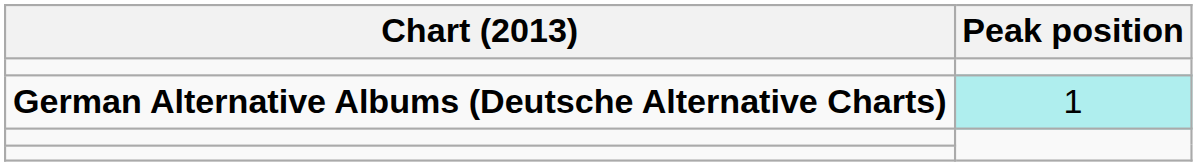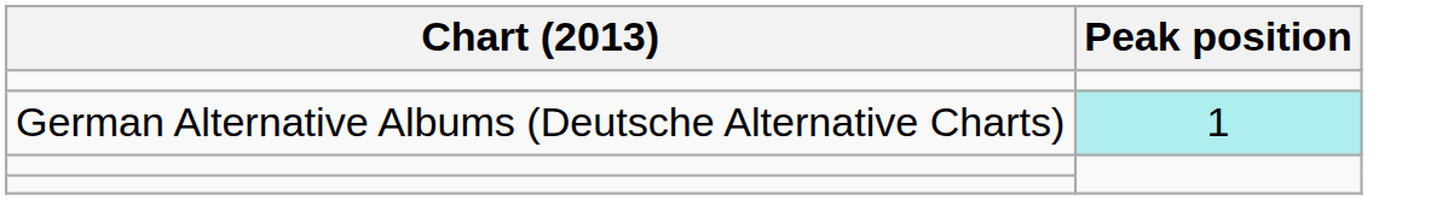 <table class = "wikitable plainrowheaders sortable" border="1">
 <tr>
 <th>Chart (2013)</th>
 <th>Peak position</th>
 </tr>
 <tr>
 <td></td>
 </tr>
 <tr>
-<td><strong>German Alternative Albums (Deutsche Alternative Charts)</strong></td>
+<td>German Alternative Albums (Deutsche Alternative Charts)</td>
 <td align="center" style="background: paleturquoise;">1</td>
 </tr>
 <tr>
 <td></td>
 </tr>
 <tr>
 <td></td>
 </tr>
 </table>
